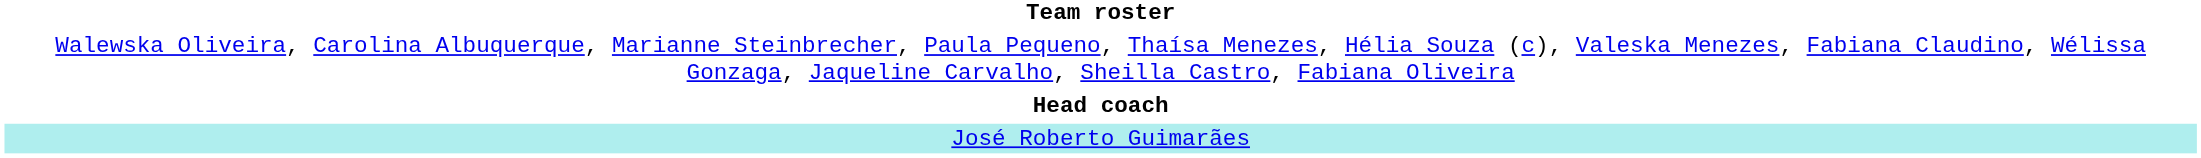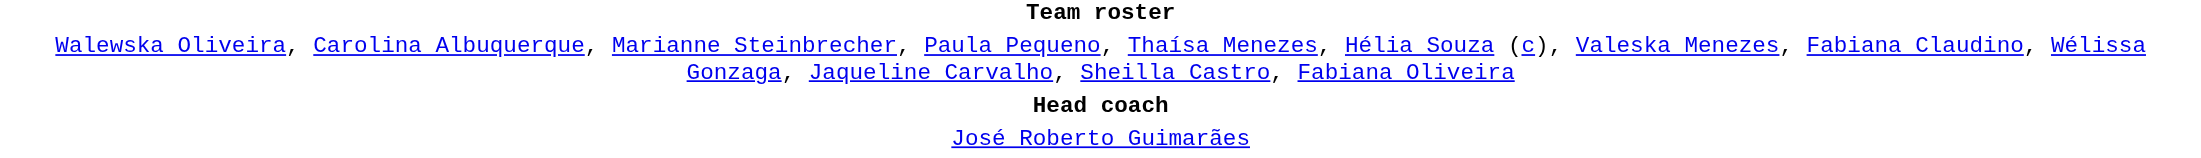 <table style="text-align:center;margin-top:2em;margin-left:auto;margin-right:auto">
 <tr>
 <td><strong>Team roster</strong></td>
 </tr>
 <tr>
 <td><a href='#'>Walewska Oliveira</a>, <a href='#'>Carolina Albuquerque</a>, <a href='#'>Marianne Steinbrecher</a>, <a href='#'>Paula Pequeno</a>, <a href='#'>Thaísa Menezes</a>, <a href='#'>Hélia Souza</a> (<a href='#'>c</a>), <a href='#'>Valeska Menezes</a>, <a href='#'>Fabiana Claudino</a>, <a href='#'>Wélissa Gonzaga</a>, <a href='#'>Jaqueline Carvalho</a>, <a href='#'>Sheilla Castro</a>, <a href='#'>Fabiana Oliveira</a></td>
 </tr>
 <tr>
 <td><strong>Head coach</strong></td>
 </tr>
 <tr>
-<td style="background: paleturquoise;"><a href='#'>José Roberto Guimarães</a></td>
+<td><a href='#'>José Roberto Guimarães</a></td>
 </tr>
 </table>
